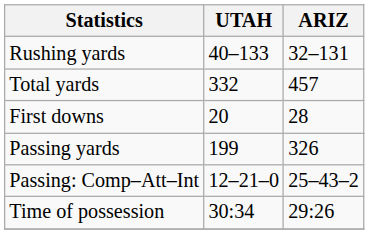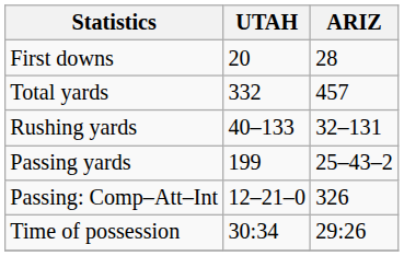 <table class="wikitable" style="float: left;">
 <tr>
 <th>Statistics</th>
 <th>UTAH</th>
 <th>ARIZ</th>
 </tr>
 <tr>
-<td>Rushing yards</td>
-<td>40–133</td>
-<td>32–131</td>
+<td>First downs</td>
+<td>20</td>
+<td>28</td>
 </tr>
 <tr>
 <td>Total yards</td>
 <td>332</td>
 <td>457</td>
 </tr>
 <tr>
-<td>First downs</td>
-<td>20</td>
-<td>28</td>
+<td>Rushing yards</td>
+<td>40–133</td>
+<td>32–131</td>
 </tr>
 <tr>
 <td>Passing yards</td>
 <td>199</td>
-<td>326</td>
+<td>25–43–2</td>
 </tr>
 <tr>
 <td>Passing: Comp–Att–Int</td>
 <td>12–21–0</td>
-<td>25–43–2</td>
+<td>326</td>
 </tr>
 <tr>
 <td>Time of possession</td>
 <td>30:34</td>
 <td>29:26</td>
 </tr>
 <tr>
 </tr>
 </table>
